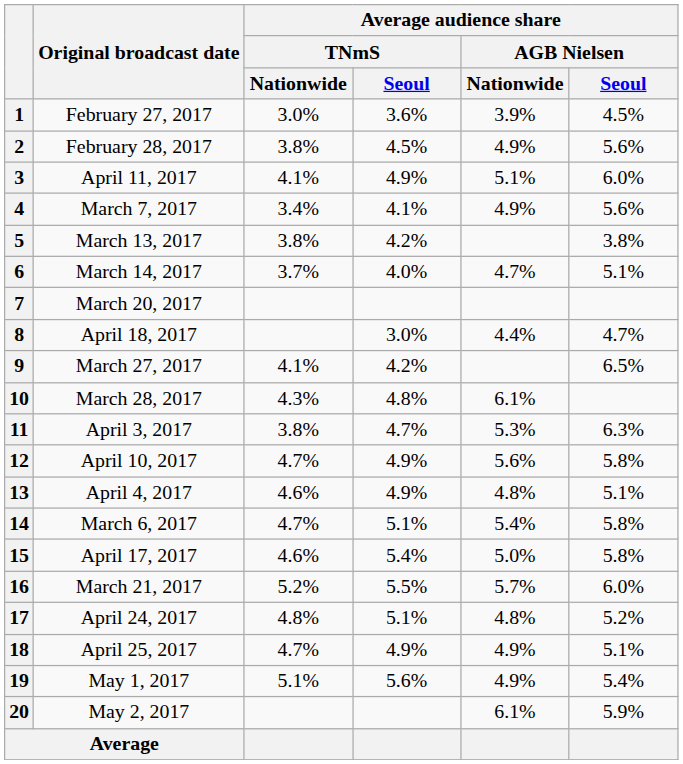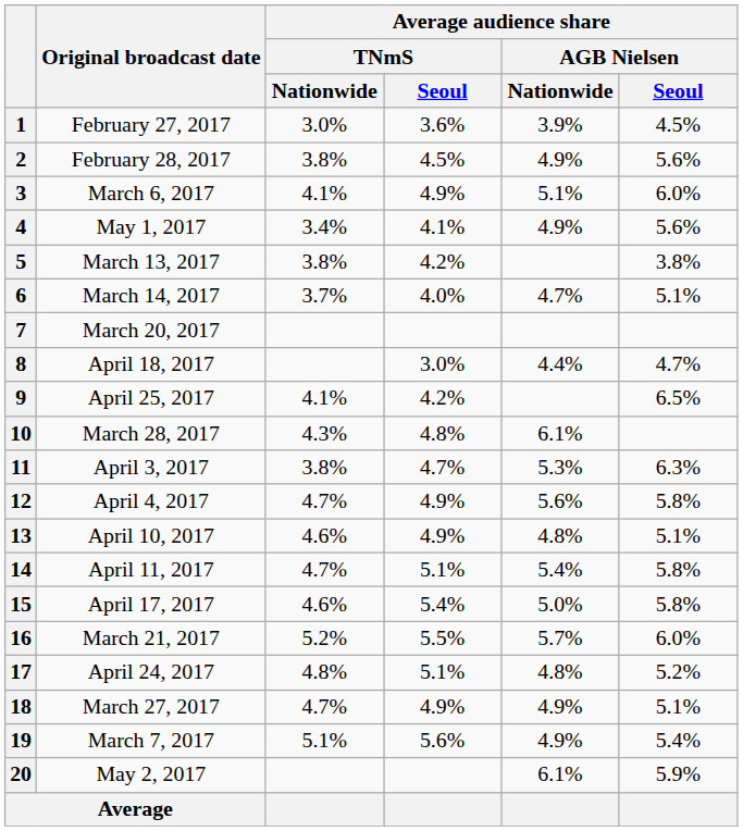 <table class="wikitable" style="text-align: center">
 <tr>
 <th rowspan="3"></th>
 <th rowspan="3">Original broadcast date</th>
 <th colspan="4">Average audience share</th>
 </tr>
 <tr>
 <th colspan="2">TNmS</th>
 <th colspan="2">AGB Nielsen</th>
 </tr>
 <tr>
 <th width="80">Nationwide</th>
 <th width="80"><a href='#'>Seoul</a></th>
 <th width="80">Nationwide</th>
 <th width="80"><a href='#'>Seoul</a></th>
 </tr>
 <tr>
 <th>1</th>
 <td>February 27, 2017</td>
 <td>3.0%</td>
 <td>3.6%</td>
 <td>3.9%</td>
 <td>4.5%</td>
 </tr>
 <tr>
 <th>2</th>
 <td>February 28, 2017</td>
 <td>3.8%</td>
 <td>4.5%</td>
 <td>4.9%</td>
 <td>5.6%</td>
 </tr>
 <tr>
 <th>3</th>
-<td>April 11, 2017</td>
+<td>March 6, 2017</td>
 <td>4.1%</td>
 <td>4.9%</td>
 <td>5.1%</td>
 <td>6.0%</td>
 </tr>
 <tr>
 <th>4</th>
-<td>March 7, 2017</td>
+<td>May 1, 2017</td>
 <td>3.4%</td>
 <td>4.1%</td>
 <td>4.9%</td>
 <td>5.6%</td>
 </tr>
 <tr>
 <th>5</th>
 <td>March 13, 2017</td>
 <td>3.8%</td>
 <td>4.2%</td>
 <td></td>
 <td>3.8%</td>
 </tr>
 <tr>
 <th>6</th>
 <td>March 14, 2017</td>
 <td>3.7%</td>
 <td>4.0%</td>
 <td>4.7%</td>
 <td>5.1%</td>
 </tr>
 <tr>
 <th>7</th>
 <td>March 20, 2017</td>
 <td></td>
 <td></td>
 <td></td>
 <td></td>
 </tr>
 <tr>
 <th>8</th>
 <td>April 18, 2017</td>
 <td></td>
 <td>3.0%</td>
 <td>4.4%</td>
 <td>4.7%</td>
 </tr>
 <tr>
 <th>9</th>
-<td>March 27, 2017</td>
+<td>April 25, 2017</td>
 <td>4.1%</td>
 <td>4.2%</td>
 <td></td>
 <td>6.5%</td>
 </tr>
 <tr>
 <th>10</th>
 <td>March 28, 2017</td>
 <td>4.3%</td>
 <td>4.8%</td>
 <td>6.1%</td>
 <td></td>
 </tr>
 <tr>
 <th>11</th>
 <td>April 3, 2017</td>
 <td>3.8%</td>
 <td>4.7%</td>
 <td>5.3%</td>
 <td>6.3%</td>
 </tr>
 <tr>
 <th>12</th>
-<td>April 10, 2017</td>
+<td>April 4, 2017</td>
 <td>4.7%</td>
 <td>4.9%</td>
 <td>5.6%</td>
 <td>5.8%</td>
 </tr>
 <tr>
 <th>13</th>
-<td>April 4, 2017</td>
+<td>April 10, 2017</td>
 <td>4.6%</td>
 <td>4.9%</td>
 <td>4.8%</td>
 <td>5.1%</td>
 </tr>
 <tr>
 <th>14</th>
-<td>March 6, 2017</td>
+<td>April 11, 2017</td>
 <td>4.7%</td>
 <td>5.1%</td>
 <td>5.4%</td>
 <td>5.8%</td>
 </tr>
 <tr>
 <th>15</th>
 <td>April 17, 2017</td>
 <td>4.6%</td>
 <td>5.4%</td>
 <td>5.0%</td>
 <td>5.8%</td>
 </tr>
 <tr>
 <th>16</th>
 <td>March 21, 2017</td>
 <td>5.2%</td>
 <td>5.5%</td>
 <td>5.7%</td>
 <td>6.0%</td>
 </tr>
 <tr>
 <th>17</th>
 <td>April 24, 2017</td>
 <td>4.8%</td>
 <td>5.1%</td>
 <td>4.8%</td>
 <td>5.2%</td>
 </tr>
 <tr>
 <th>18</th>
-<td>April 25, 2017</td>
+<td>March 27, 2017</td>
 <td>4.7%</td>
 <td>4.9%</td>
 <td>4.9%</td>
 <td>5.1%</td>
 </tr>
 <tr>
 <th>19</th>
-<td>May 1, 2017</td>
+<td>March 7, 2017</td>
 <td>5.1%</td>
 <td>5.6%</td>
 <td>4.9%</td>
 <td>5.4%</td>
 </tr>
 <tr>
 <th>20</th>
 <td>May 2, 2017</td>
 <td></td>
 <td></td>
 <td>6.1%</td>
 <td>5.9%</td>
 </tr>
 <tr>
 <th colspan="2">Average</th>
 <th></th>
 <th></th>
 <th></th>
 <th></th>
 </tr>
 </table>
